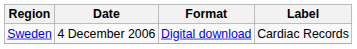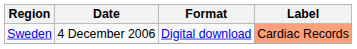 <table class=wikitable>
 <tr>
 <th>Region</th>
 <th>Date</th>
 <th>Format</th>
 <th>Label</th>
 </tr>
 <tr>
 <td><a href='#'>Sweden</a></td>
 <td>4 December 2006</td>
 <td><a href='#'>Digital download</a></td>
-<td>Cardiac Records</td>
+<td style="background: lightsalmon;">Cardiac Records</td>
 </tr>
 <tr>
 </tr>
 </table>
